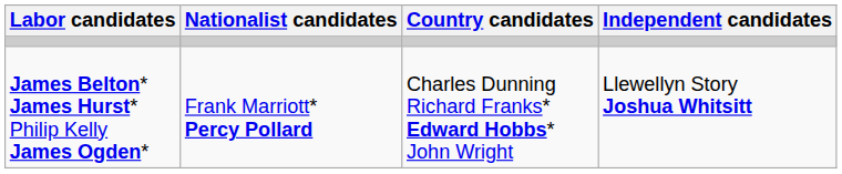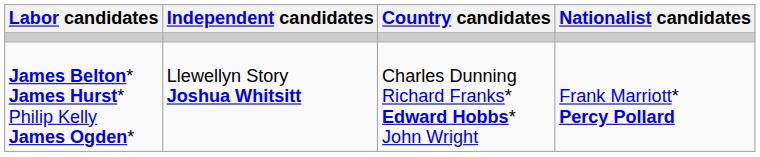 <table class="wikitable">
 <tr>
 <th><a href='#'>Labor</a> candidates</th>
+<th><a href='#'>Independent</a> candidates</th>
+<th><a href='#'>Country</a> candidates</th>
 <th><a href='#'>Nationalist</a> candidates</th>
-<th><a href='#'>Country</a> candidates</th>
-<th><a href='#'>Independent</a> candidates</th>
 </tr>
 <tr bgcolor="#cccccc">
 <td></td>
 <td></td>
 <td></td>
 <td></td>
 </tr>
 <tr>
 <td><br><strong><a href='#'>James Belton</a></strong>*<br> <strong><a href='#'>James Hurst</a></strong>*<br> <a href='#'>Philip Kelly</a><br> <strong><a href='#'>James Ogden</a></strong>*</td>
+<td valign=top><br>Llewellyn Story<br> <strong><a href='#'>Joshua Whitsitt</a></strong></td>
+<td><br>Charles Dunning<br> <a href='#'>Richard Franks</a>*<br> <strong><a href='#'>Edward Hobbs</a></strong>*<br> <a href='#'>John Wright</a></td>
 <td><br><a href='#'>Frank Marriott</a>*<br> <strong><a href='#'>Percy Pollard</a></strong></td>
-<td><br>Charles Dunning<br> <a href='#'>Richard Franks</a>*<br> <strong><a href='#'>Edward Hobbs</a></strong>*<br> <a href='#'>John Wright</a></td>
-<td valign=top><br>Llewellyn Story<br> <strong><a href='#'>Joshua Whitsitt</a></strong></td>
 </tr>
 </table>
